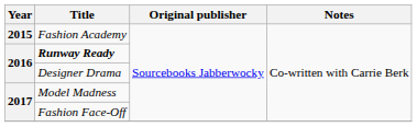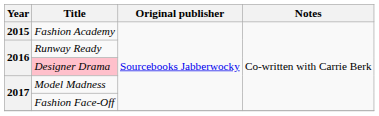 <table class="wikitable plainrowheaders sortable">
 <tr>
 <th scope="col">Year</th>
 <th scope="col">Title</th>
 <th scope="col">Original publisher</th>
 <th scope="col" class="unsortable">Notes</th>
 </tr>
 <tr>
 <th scope="row">2015</th>
 <td><em>Fashion Academy</em></td>
 <td rowspan="5"><a href='#'>Sourcebooks Jabberwocky</a></td>
 <td rowspan="5">Co-written with Carrie Berk</td>
 </tr>
 <tr>
 <th scope="row" rowspan="2">2016</th>
-<td><strong><em>Runway Ready</em></strong></td>
+<td><em>Runway Ready</em></td>
 </tr>
 <tr>
-<td><em>Designer Drama</em></td>
+<td style="background: pink;"><em>Designer Drama</em></td>
 </tr>
 <tr>
 <th scope="row" rowspan="2">2017</th>
 <td><em>Model Madness</em></td>
 </tr>
 <tr>
 <td><em>Fashion Face-Off</em></td>
 </tr>
 <tr>
 </tr>
 </table>
